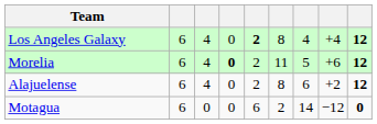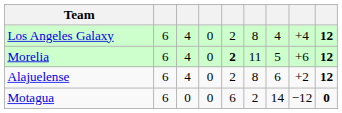 <table class="wikitable" style="text-align:center">
 <tr>
 <th width="175">Team</th>
 <th width="20"></th>
 <th width="20"></th>
 <th width="20"></th>
 <th width="20"></th>
 <th width="20"></th>
 <th width="20"></th>
 <th width="20"></th>
 <th width="20"></th>
 </tr>
 <tr bgcolor=ccffcc>
 <td align=left> <a href='#'>Los Angeles Galaxy</a></td>
 <td>6</td>
 <td>4</td>
 <td>0</td>
-<td><strong>2</strong></td>
+<td>2</td>
 <td>8</td>
 <td>4</td>
 <td>+4</td>
 <td><strong>12</strong></td>
 </tr>
 <tr bgcolor=ccffcc>
 <td align=left> <a href='#'>Morelia</a></td>
 <td>6</td>
 <td>4</td>
-<td><strong>0</strong></td>
-<td>2</td>
+<td>0</td>
+<td><strong>2</strong></td>
 <td>11</td>
 <td>5</td>
 <td>+6</td>
 <td><strong>12</strong></td>
 </tr>
 <tr>
 <td align=left> <a href='#'>Alajuelense</a></td>
 <td>6</td>
 <td>4</td>
 <td>0</td>
 <td>2</td>
 <td>8</td>
 <td>6</td>
 <td>+2</td>
 <td><strong>12</strong></td>
 </tr>
 <tr>
 <td align=left> <a href='#'>Motagua</a></td>
 <td>6</td>
 <td>0</td>
 <td>0</td>
 <td>6</td>
 <td>2</td>
 <td>14</td>
 <td>−12</td>
 <td><strong>0</strong></td>
 </tr>
 </table>
